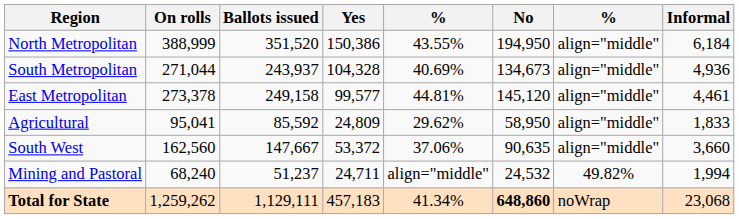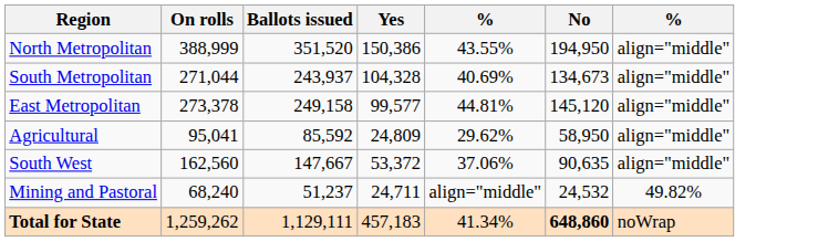 <table class="wikitable sortable">
 <tr>
 <th align="left">Region</th>
 <th align="right">On rolls</th>
 <th align="right">Ballots issued</th>
 <th align="middle">Yes </th>
 <th align="middle">%</th>
 <th align="middle">No </th>
 <th align="middle">%</th>
-<th align="right">Informal</th>
 </tr>
 <tr>
 <td><a href='#'>North Metropolitan</a></td>
 <td align="right">388,999</td>
 <td align="right">351,520</td>
 <td align="right">150,386</td>
 <td align="middle">43.55%</td>
 <td align="right">194,950</td>
 <td>align="middle" </td>
-<td align="right">6,184</td>
 </tr>
 <tr>
 <td><a href='#'>South Metropolitan</a></td>
 <td align="right">271,044</td>
 <td align="right">243,937</td>
 <td align="right">104,328</td>
 <td align="middle">40.69%</td>
 <td align="right">134,673</td>
 <td>align="middle" </td>
-<td align="right">4,936</td>
 </tr>
 <tr>
 <td><a href='#'>East Metropolitan</a></td>
 <td align="right">273,378</td>
 <td align="right">249,158</td>
 <td align="right">99,577</td>
 <td align="middle">44.81%</td>
 <td align="right">145,120</td>
 <td>align="middle" </td>
-<td align="right">4,461</td>
 </tr>
 <tr>
 <td><a href='#'>Agricultural</a></td>
 <td align="right">95,041</td>
 <td align="right">85,592</td>
 <td align="right">24,809</td>
 <td align="middle">29.62%</td>
 <td align="right">58,950</td>
 <td>align="middle" </td>
-<td align="right">1,833</td>
 </tr>
 <tr>
 <td><a href='#'>South West</a></td>
 <td align="right">162,560</td>
 <td align="right">147,667</td>
 <td align="right">53,372</td>
 <td align="middle">37.06%</td>
 <td align="right">90,635</td>
 <td>align="middle" </td>
-<td align="right">3,660</td>
 </tr>
 <tr>
 <td><a href='#'>Mining and Pastoral</a></td>
 <td align="right">68,240</td>
 <td align="right">51,237</td>
 <td align="right">24,711</td>
 <td>align="middle" </td>
 <td align="right">24,532</td>
 <td align="middle">49.82%</td>
-<td align="right">1,994</td>
 </tr>
 <tr bgcolor=#FFE0C0>
 <td><strong>Total for State</strong></td>
 <td noWrap align="right">1,259,262</td>
 <td noWrap align="right">1,129,111</td>
 <td noWrap align="right">457,183</td>
 <td noWrap align="middle">41.34%</td>
 <td noWrap align="right"><strong>648,860</strong></td>
 <td>noWrap </td>
-<td noWrap align="right">23,068</td>
 </tr>
 </table>
